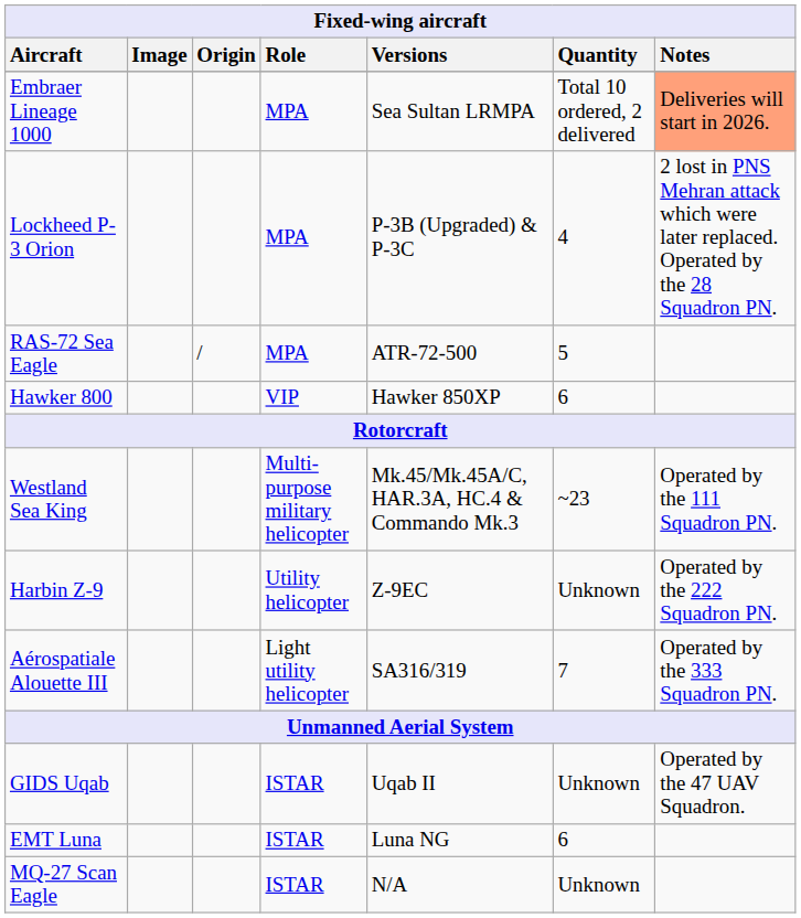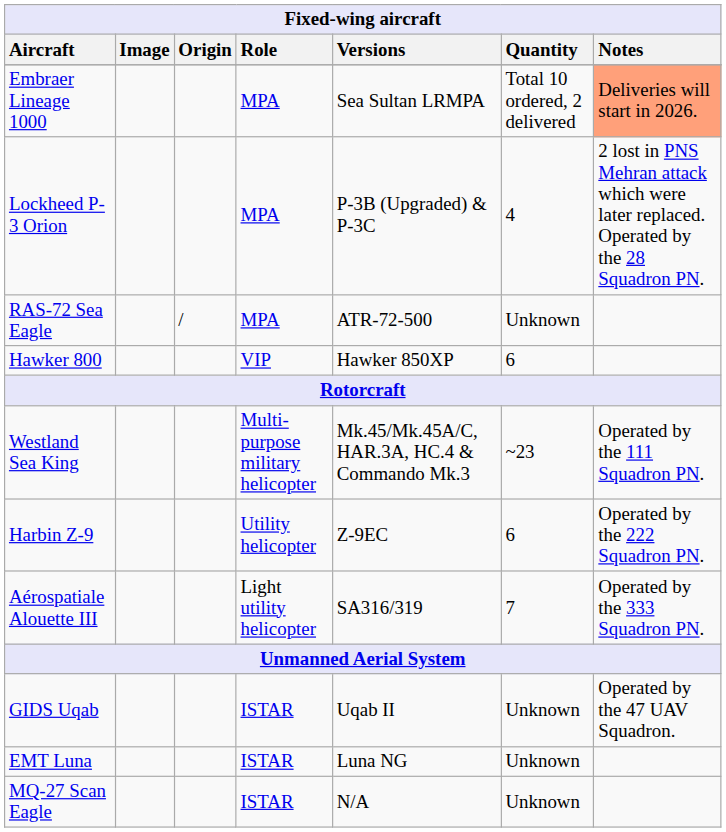 <table class="wikitable">
 <tr>
 <th style="align: center; background: lavender;" colspan="8">Fixed-wing aircraft</th>
 </tr>
 <tr>
 <th style="text-align: left;">Aircraft</th>
 <th style="text-align: left;">Image</th>
 <th style="text-align: left;">Origin</th>
 <th style="text-align: left;">Role</th>
 <th style="text-align: left;">Versions</th>
 <th style="text-align: left;">Quantity</th>
 <th style="text-align: left;">Notes</th>
 </tr>
 <tr ---->
 </tr>
 <tr>
 <td><a href='#'>Embraer Lineage 1000</a></td>
 <td></td>
 <td></td>
 <td><a href='#'>MPA</a></td>
 <td>Sea Sultan LRMPA</td>
 <td>Total 10 ordered, 2 delivered</td>
 <td style="background: lightsalmon;">Deliveries will start in 2026. </td>
 </tr>
 <tr>
 <td><a href='#'>Lockheed P-3 Orion</a></td>
 <td></td>
 <td></td>
 <td><a href='#'>MPA</a></td>
 <td>P-3B (Upgraded) & P-3C</td>
 <td>4</td>
 <td>2 lost in <a href='#'>PNS Mehran attack</a> which were later replaced. Operated by the <a href='#'>28 Squadron PN</a>. </td>
 </tr>
 <tr>
 <td><a href='#'>RAS-72 Sea Eagle</a></td>
 <td></td>
 <td>/</td>
 <td><a href='#'>MPA</a></td>
 <td>ATR-72-500</td>
-<td>5</td>
+<td>Unknown</td>
 <td></td>
 </tr>
 <tr>
 <td><a href='#'>Hawker 800</a></td>
 <td></td>
 <td></td>
 <td><a href='#'>VIP</a></td>
 <td>Hawker 850XP</td>
 <td>6</td>
 <td></td>
 </tr>
 <tr>
 <th style="align: center; background: lavender;" colspan="8"><a href='#'>Rotorcraft</a></th>
 </tr>
 <tr>
 <td><a href='#'>Westland Sea King</a></td>
 <td></td>
 <td></td>
 <td><a href='#'>Multi-purpose military helicopter</a></td>
 <td>Mk.45/Mk.45A/C, HAR.3A, HC.4 & Commando Mk.3</td>
 <td>~23</td>
 <td>Operated by the <a href='#'>111 Squadron PN</a>. </td>
 </tr>
 <tr>
 <td><a href='#'>Harbin Z-9</a></td>
 <td></td>
 <td></td>
 <td><a href='#'>Utility helicopter</a></td>
 <td>Z-9EC</td>
-<td>Unknown</td>
+<td>6</td>
 <td>Operated by the <a href='#'>222 Squadron PN</a>. </td>
 </tr>
 <tr>
 <td><a href='#'>Aérospatiale Alouette III</a></td>
 <td></td>
 <td></td>
 <td>Light <a href='#'>utility helicopter</a></td>
 <td>SA316/319</td>
 <td>7</td>
 <td>Operated by the <a href='#'>333 Squadron PN</a>. </td>
 </tr>
 <tr>
 <th style="align: center; background: lavender;" colspan="8"><a href='#'>Unmanned Aerial System</a></th>
 </tr>
 <tr>
 <td><a href='#'>GIDS Uqab</a></td>
 <td></td>
 <td></td>
 <td><a href='#'>ISTAR</a></td>
 <td>Uqab II</td>
 <td>Unknown</td>
 <td>Operated by the 47 UAV Squadron. </td>
 </tr>
 <tr>
 <td><a href='#'>EMT Luna</a></td>
 <td></td>
 <td></td>
 <td><a href='#'>ISTAR</a></td>
 <td>Luna NG</td>
-<td>6</td>
+<td>Unknown</td>
 <td></td>
 </tr>
 <tr>
 <td><a href='#'>MQ-27 Scan Eagle</a></td>
 <td></td>
 <td></td>
 <td><a href='#'>ISTAR</a></td>
 <td>N/A</td>
 <td>Unknown</td>
 <td></td>
 </tr>
 </table>
